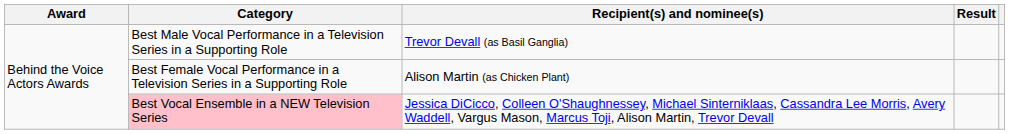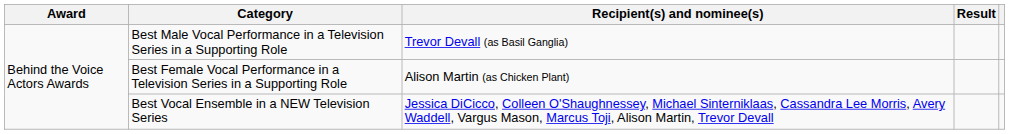 <table class="wikitable sortable plainrowheaders" style="width: 99%;">
 <tr>
 <th scope="col">Award</th>
 <th scope="col">Category</th>
 <th scope="col">Recipient(s) and nominee(s)</th>
 <th scope="col">Result</th>
 <th scope="col" class="unsortable"></th>
 </tr>
 <tr>
 <td rowspan="3">Behind the Voice Actors Awards</td>
 <td>Best Male Vocal Performance in a Television Series in a Supporting Role</td>
 <td><a href='#'>Trevor Devall</a> <small>(as Basil Ganglia)</small></td>
 <td></td>
 <td style="text-align:center;"></td>
 </tr>
 <tr>
 <td>Best Female Vocal Performance in a Television Series in a Supporting Role</td>
 <td>Alison Martin <small>(as Chicken Plant)</small></td>
 <td></td>
 <td style="text-align:center;"></td>
 </tr>
 <tr>
-<td style="background: pink;">Best Vocal Ensemble in a NEW Television Series</td>
+<td>Best Vocal Ensemble in a NEW Television Series</td>
 <td><a href='#'>Jessica DiCicco</a>, <a href='#'>Colleen O'Shaughnessey</a>, <a href='#'>Michael Sinterniklaas</a>, <a href='#'>Cassandra Lee Morris</a>, <a href='#'>Avery Waddell</a>, Vargus Mason, <a href='#'>Marcus Toji</a>, Alison Martin, <a href='#'>Trevor Devall</a></td>
 <td></td>
 <td style="text-align:center;"></td>
 </tr>
 </table>
